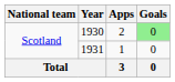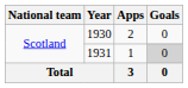 <table class="wikitable" style="font-size:100%; text-align: center;">
 <tr>
 <th>National team</th>
 <th>Year</th>
 <th>Apps</th>
 <th>Goals</th>
 </tr>
 <tr>
 <td rowspan="2"><a href='#'>Scotland</a></td>
 <td>1930</td>
 <td>2</td>
-<td style="background: lightgreen;">0</td>
+<td>0</td>
 </tr>
 <tr>
 <td>1931</td>
 <td>1</td>
-<td>0</td>
+<td style="background: lightgrey;">0</td>
 </tr>
 <tr>
 <th colspan="2">Total</th>
 <th>3</th>
 <th>0</th>
 </tr>
 </table>
